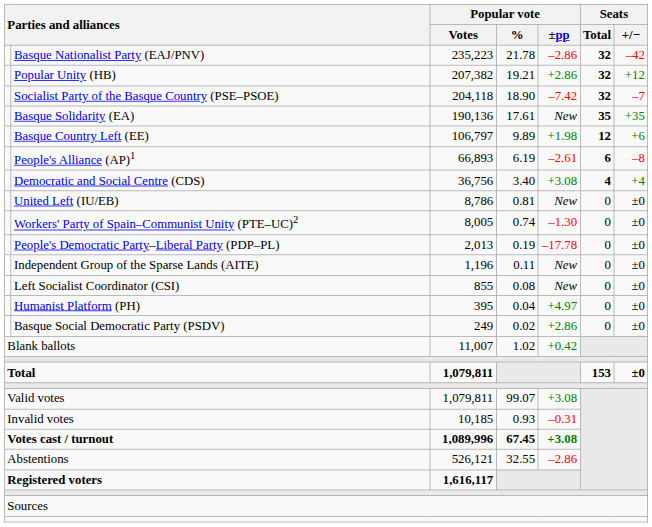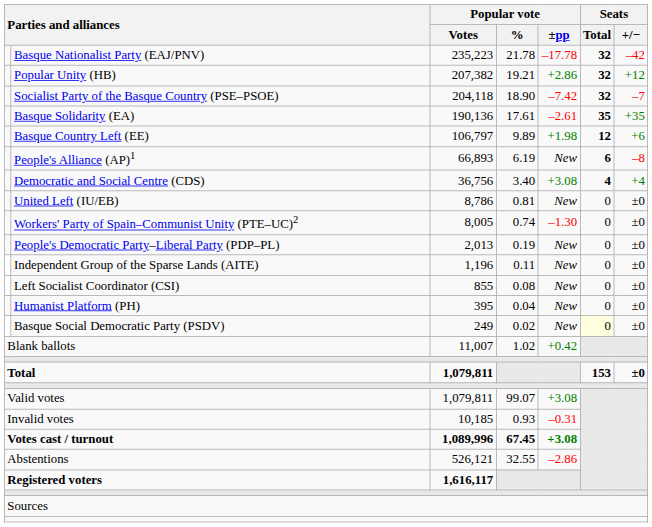 <table class="wikitable" style="text-align:right;">
 <tr>
 <th style="text-align:left;" rowspan="2" colspan="2" width="525">Parties and alliances</th>
 <th colspan="3">Popular vote</th>
 <th colspan="2">Seats</th>
 </tr>
 <tr>
 <th width="75">Votes</th>
 <th width="45">%</th>
 <th width="45">±<a href='#'>pp</a></th>
 <th width="35">Total</th>
 <th width="35">+/−</th>
 </tr>
 <tr>
 <td width="1" style="color:inherit;background:"></td>
 <td align="left"><a href='#'>Basque Nationalist Party</a> (EAJ/PNV)</td>
 <td>235,223</td>
 <td>21.78</td>
-<td style="color:red;">–2.86</td>
+<td style="color:red;">–17.78</td>
 <td><strong>32</strong></td>
 <td style="color:red;">–42</td>
 </tr>
 <tr>
 <td style="color:inherit;background:"></td>
 <td align="left"><a href='#'>Popular Unity</a> (HB)</td>
 <td>207,382</td>
 <td>19.21</td>
 <td style="color:green;">+2.86</td>
 <td><strong>32</strong></td>
 <td style="color:green;">+12</td>
 </tr>
 <tr>
 <td style="color:inherit;background:"></td>
 <td align="left"><a href='#'>Socialist Party of the Basque Country</a> (PSE–PSOE)</td>
 <td>204,118</td>
 <td>18.90</td>
 <td style="color:red;">–7.42</td>
 <td><strong>32</strong></td>
 <td style="color:red;">–7</td>
 </tr>
 <tr>
 <td style="color:inherit;background:"></td>
 <td align="left"><a href='#'>Basque Solidarity</a> (EA)</td>
 <td>190,136</td>
 <td>17.61</td>
-<td><em>New</em></td>
+<td style="color:red;">–2.61</td>
 <td><strong>35</strong></td>
 <td style="color:green;">+35</td>
 </tr>
 <tr>
 <td style="color:inherit;background:"></td>
 <td align="left"><a href='#'>Basque Country Left</a> (EE)</td>
 <td>106,797</td>
 <td>9.89</td>
 <td style="color:green;">+1.98</td>
 <td><strong>12</strong></td>
 <td style="color:green;">+6</td>
 </tr>
 <tr>
 <td style="color:inherit;background:"></td>
 <td align="left"><a href='#'>People's Alliance</a> (AP)<sup>1</sup></td>
 <td>66,893</td>
 <td>6.19</td>
-<td style="color:red;">–2.61</td>
+<td><em>New</em></td>
 <td><strong>6</strong></td>
 <td style="color:red;">–8</td>
 </tr>
 <tr>
 <td style="color:inherit;background:"></td>
 <td align="left"><a href='#'>Democratic and Social Centre</a> (CDS)</td>
 <td>36,756</td>
 <td>3.40</td>
 <td style="color:green;">+3.08</td>
 <td><strong>4</strong></td>
 <td style="color:green;">+4</td>
 </tr>
 <tr>
 <td style="color:inherit;background:"></td>
 <td align="left"><a href='#'>United Left</a> (IU/EB)</td>
 <td>8,786</td>
 <td>0.81</td>
 <td><em>New</em></td>
 <td>0</td>
 <td>±0</td>
 </tr>
 <tr>
 <td style="color:inherit;background:"></td>
 <td align="left"><a href='#'>Workers' Party of Spain–Communist Unity</a> (PTE–UC)<sup>2</sup></td>
 <td>8,005</td>
 <td>0.74</td>
 <td style="color:red;">–1.30</td>
 <td>0</td>
 <td>±0</td>
 </tr>
 <tr>
 <td style="color:inherit;background:"></td>
 <td align="left"><a href='#'>People's Democratic Party</a>–<a href='#'>Liberal Party</a> (PDP–PL)</td>
 <td>2,013</td>
 <td>0.19</td>
-<td style="color:red;">–17.78</td>
+<td><em>New</em></td>
 <td>0</td>
 <td>±0</td>
 </tr>
 <tr>
 <td bgcolor="white"></td>
 <td align="left">Independent Group of the Sparse Lands (AITE)</td>
 <td>1,196</td>
 <td>0.11</td>
 <td><em>New</em></td>
 <td>0</td>
 <td>±0</td>
 </tr>
 <tr>
 <td bgcolor="white"></td>
 <td align="left">Left Socialist Coordinator (CSI)</td>
 <td>855</td>
 <td>0.08</td>
 <td><em>New</em></td>
 <td>0</td>
 <td>±0</td>
 </tr>
 <tr>
 <td style="color:inherit;background:"></td>
 <td align="left"><a href='#'>Humanist Platform</a> (PH)</td>
 <td>395</td>
 <td>0.04</td>
-<td style="color:green;">+4.97</td>
+<td><em>New</em></td>
 <td>0</td>
 <td>±0</td>
 </tr>
 <tr>
 <td bgcolor="white"></td>
 <td align="left">Basque Social Democratic Party (PSDV)</td>
 <td>249</td>
 <td>0.02</td>
-<td style="color:green;">+2.86</td>
-<td>0</td>
+<td><em>New</em></td>
+<td style="background: lightyellow;">0</td>
 <td>±0</td>
 </tr>
 <tr>
 <td align="left" colspan="2">Blank ballots</td>
 <td>11,007</td>
 <td>1.02</td>
 <td style="color:green;">+0.42</td>
 <td bgcolor="#E9E9E9" colspan="2"></td>
 </tr>
 <tr>
 <td colspan="7" bgcolor="#E9E9E9"></td>
 </tr>
 <tr style="font-weight:bold;">
 <td align="left" colspan="2">Total</td>
 <td>1,079,811</td>
 <td bgcolor="#E9E9E9" colspan="2"></td>
 <td>153</td>
 <td>±0</td>
 </tr>
 <tr>
 <td colspan="7" bgcolor="#E9E9E9"></td>
 </tr>
 <tr>
 <td align="left" colspan="2">Valid votes</td>
 <td>1,079,811</td>
 <td>99.07</td>
 <td style="color:green;">+3.08</td>
 <td bgcolor="#E9E9E9" colspan="2" rowspan="5"></td>
 </tr>
 <tr>
 <td align="left" colspan="2">Invalid votes</td>
 <td>10,185</td>
 <td>0.93</td>
 <td style="color:red;">–0.31</td>
 </tr>
 <tr style="font-weight:bold;">
 <td align="left" colspan="2">Votes cast / turnout</td>
 <td>1,089,996</td>
 <td>67.45</td>
 <td style="color:green;">+3.08</td>
 </tr>
 <tr>
 <td align="left" colspan="2">Abstentions</td>
 <td>526,121</td>
 <td>32.55</td>
 <td style="color:red;">–2.86</td>
 </tr>
 <tr style="font-weight:bold;">
 <td align="left" colspan="2">Registered voters</td>
 <td>1,616,117</td>
 <td bgcolor="#E9E9E9" colspan="2"></td>
 </tr>
 <tr>
 <td colspan="7" bgcolor="#E9E9E9"></td>
 </tr>
 <tr>
 <td align="left" colspan="7">Sources</td>
 </tr>
 <tr>
 <td colspan="7" style="text-align:left; max-width:790px;"></td>
 </tr>
 </table>
